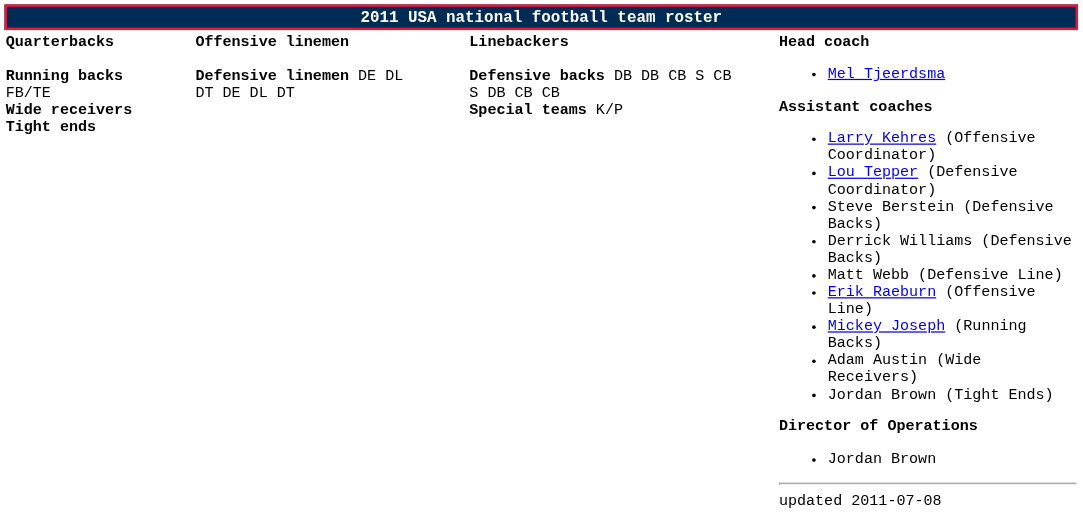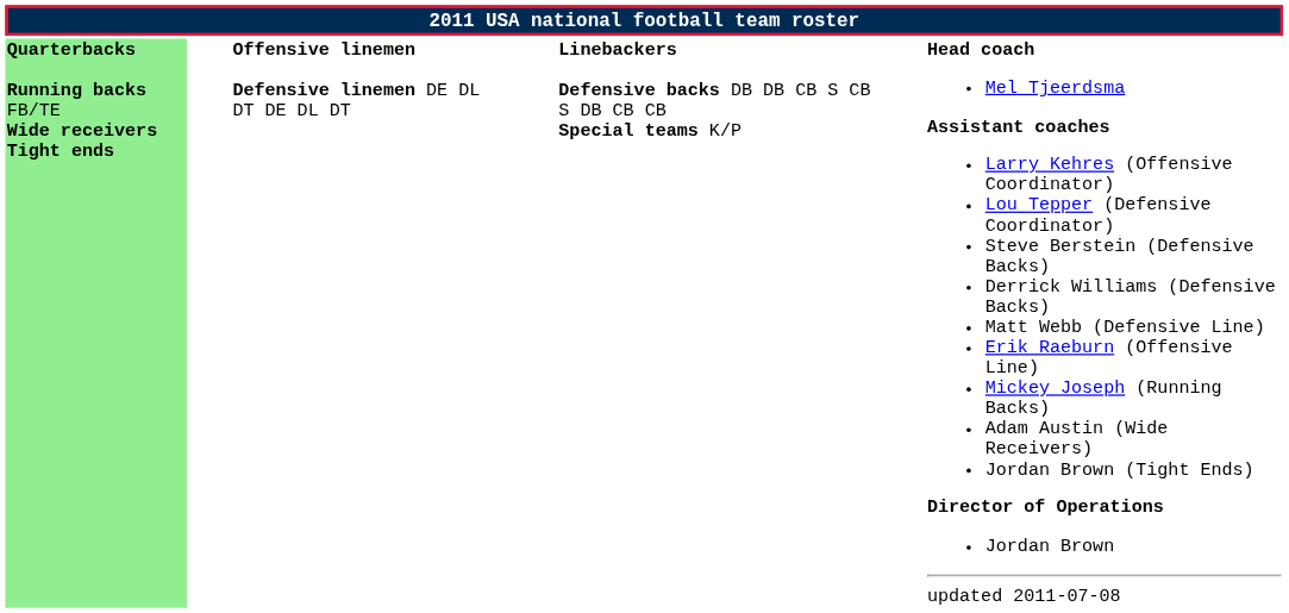 <table class="toccolours" style="text-align: left;">
 <tr>
 <th colspan="7" style="background:#002B54; border:2px solid #E31937; color:white; text-align:center;">2011 USA national football team roster</th>
 </tr>
 <tr>
-<td style="font-size: 95%;vertical-align:top;"><strong>Quarterbacks</strong><br>  <br><strong>Running backs</strong>  FB/TE   <br><strong>Wide receivers</strong>    <br><strong>Tight ends</strong> </td>
+<td style="background: lightgreen; font-size: 95%;vertical-align:top;"><strong>Quarterbacks</strong><br>  <br><strong>Running backs</strong>  FB/TE   <br><strong>Wide receivers</strong>    <br><strong>Tight ends</strong> </td>
 <td style="width: 25px;"></td>
 <td style="font-size: 95%;vertical-align:top;"><strong>Offensive linemen</strong><br>     <br><strong>Defensive linemen</strong>  DE  DL  DT  DE  DL  DT</td>
 <td style="width: 25px;"></td>
 <td style="font-size: 95%;vertical-align:top;"><strong>Linebackers</strong><br>     <br><strong>Defensive backs</strong>  DB  DB  CB  S  CB  S  DB  CB  CB<br><strong>Special teams</strong>  K/P</td>
 <td style="width: 25px;"></td>
 <td style="font-size: 95%;" valign="top"><strong>Head coach</strong><br><ul><li><a href='#'>Mel Tjeerdsma</a></li></ul><strong>Assistant coaches</strong><ul><li><a href='#'>Larry Kehres</a> (Offensive Coordinator)</li><li><a href='#'>Lou Tepper</a> (Defensive Coordinator)</li><li>Steve Berstein (Defensive Backs)</li><li>Derrick Williams (Defensive Backs)</li><li>Matt Webb (Defensive Line)</li><li><a href='#'>Erik Raeburn</a> (Offensive Line)</li><li><a href='#'>Mickey Joseph</a> (Running Backs)</li><li>Adam Austin (Wide Receivers)</li><li>Jordan Brown (Tight Ends)</li></ul><strong>Director of Operations</strong><ul><li>Jordan Brown</li></ul><hr> <span></span> updated 2011-07-08<br></td>
 </tr>
 <tr>
 </tr>
 </table>
